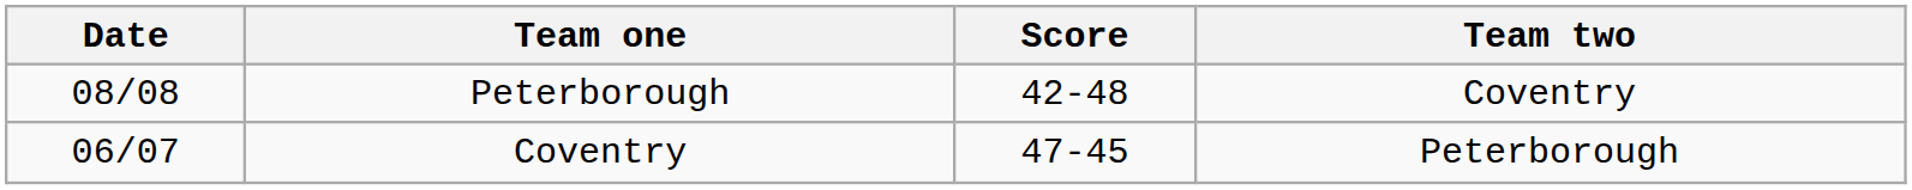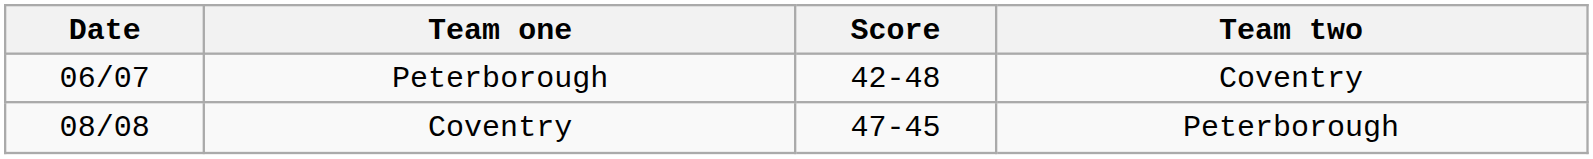 <table class="wikitable" style="text-align: center">
 <tr>
 <th width=80>Date</th>
 <th width=250>Team one</th>
 <th width=80>Score</th>
 <th width=250>Team two</th>
 </tr>
 <tr>
-<td>08/08</td>
+<td>06/07</td>
 <td>Peterborough</td>
 <td>42-48</td>
 <td>Coventry</td>
 </tr>
 <tr>
-<td>06/07</td>
+<td>08/08</td>
 <td>Coventry</td>
 <td>47-45</td>
 <td>Peterborough</td>
 </tr>
 </table>
